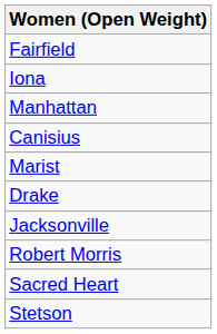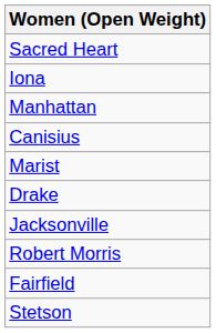 <table class="wikitable">
 <tr>
 <th>Women (Open Weight)</th>
 </tr>
 <tr>
-<td><a href='#'>Fairfield</a></td>
+<td><a href='#'>Sacred Heart</a></td>
 </tr>
 <tr>
 <td><a href='#'>Iona</a></td>
 </tr>
 <tr>
 <td><a href='#'>Manhattan</a></td>
 </tr>
 <tr>
 <td><a href='#'>Canisius</a></td>
 </tr>
 <tr>
 <td><a href='#'>Marist</a></td>
 </tr>
 <tr>
 <td><a href='#'>Drake</a></td>
 </tr>
 <tr>
 <td><a href='#'>Jacksonville</a></td>
 </tr>
 <tr>
 <td><a href='#'>Robert Morris</a></td>
 </tr>
 <tr>
-<td><a href='#'>Sacred Heart</a></td>
+<td><a href='#'>Fairfield</a></td>
 </tr>
 <tr>
 <td><a href='#'>Stetson</a></td>
 </tr>
 </table>
